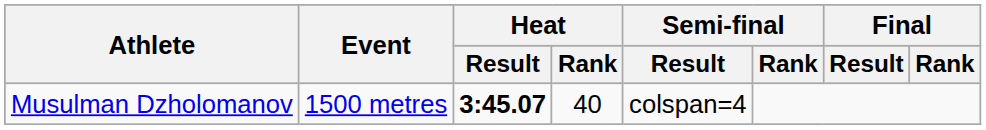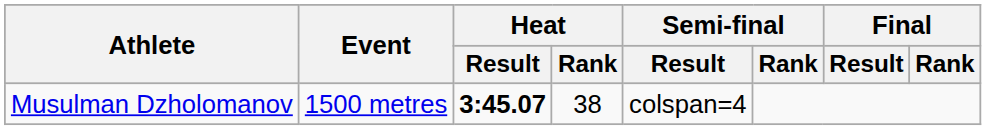 <table class="wikitable" style="font-size:90%">
 <tr>
 <th rowspan="2">Athlete</th>
 <th rowspan="2">Event</th>
 <th colspan="2">Heat</th>
 <th colspan="2">Semi-final</th>
 <th colspan="2">Final</th>
 </tr>
 <tr style="font-size:95%">
 <th>Result</th>
 <th>Rank</th>
 <th>Result</th>
 <th>Rank</th>
 <th>Result</th>
 <th>Rank</th>
 </tr>
 <tr style=text-align:center>
 <td style=text-align:left><a href='#'>Musulman Dzholomanov</a></td>
 <td style=text-align:left><a href='#'>1500 metres</a></td>
 <td><strong>3:45.07</strong></td>
-<td>40</td>
+<td>38</td>
 <td>colspan=4 </td>
 </tr>
 </table>
